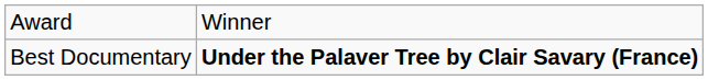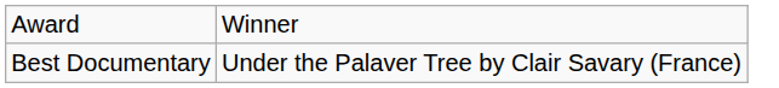 <table class="wikitable sortable">
 <tr>
 <td>Award</td>
 <td>Winner</td>
 </tr>
 <tr>
 <td>Best Documentary</td>
-<td><strong>Under the Palaver Tree by Clair Savary (France)</strong></td>
+<td>Under the Palaver Tree by Clair Savary (France)</td>
 </tr>
 </table>
